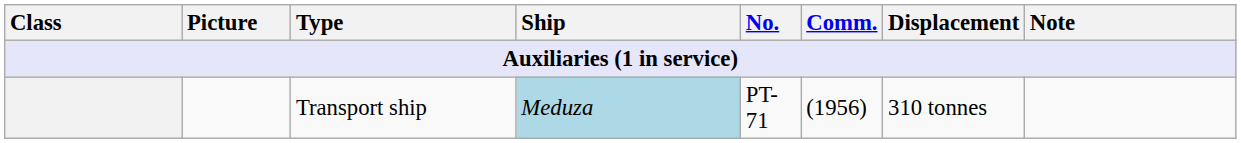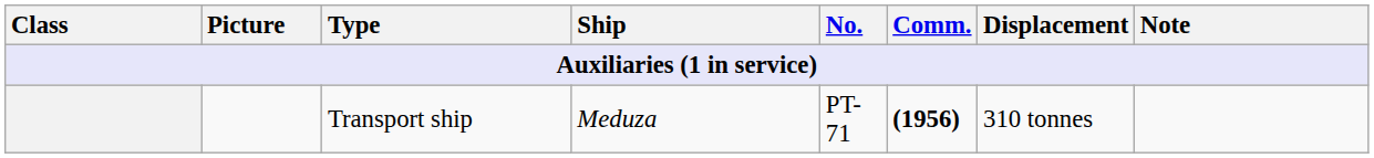 <table class="wikitable">
 <tr>
 <th style="text-align:left; width:15%;">Class</th>
 <th style="text-align:left; width:9%;">Picture</th>
 <th style="text-align:left; width:19%;">Type</th>
 <th style="text-align:left; width:19%;">Ship</th>
 <th style="text-align:left; width: 5%;"><a href='#'>No.</a></th>
 <th style="text-align:left; width: 5%;"><a href='#'>Comm.</a></th>
 <th style="text-align:left; width:10%;">Displacement</th>
 <th style="text-align:left; width:20%;">Note</th>
 </tr>
 <tr>
 <th colspan="8" style="background: lavender;">Auxiliaries (1 in service)</th>
 </tr>
 <tr>
 <th></th>
 <td></td>
 <td>Transport ship</td>
-<td style="background: lightblue;"><em>Meduza</em></td>
+<td><em>Meduza</em></td>
 <td>PT-71</td>
-<td>(1956)</td>
+<td><strong>(1956)</strong></td>
 <td>310 tonnes</td>
 <td></td>
 </tr>
 </table>
